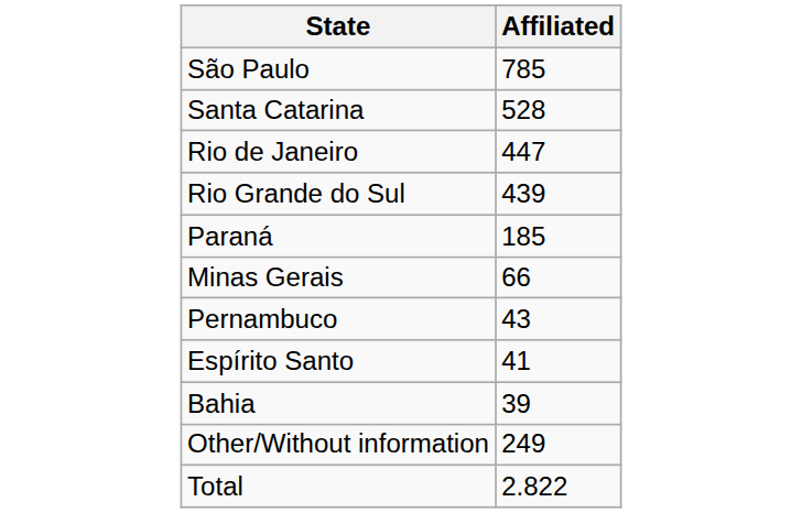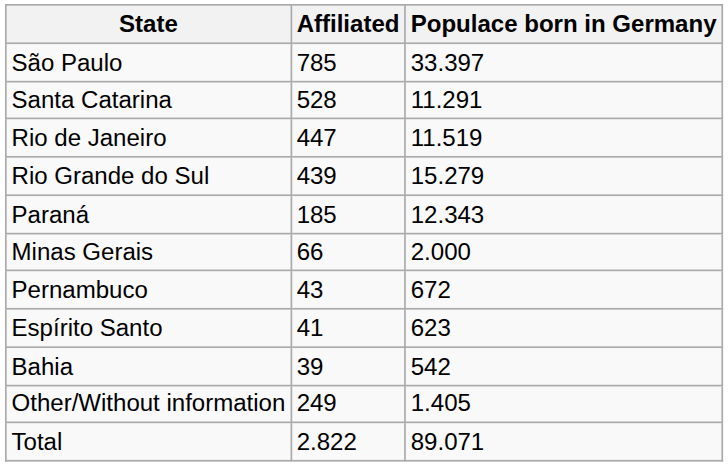 <table class="wikitable" style="margin:auto; border:1px #000; margin-center:5em; font-size:90%">
 <tr>
 <th>State</th>
 <th>Affiliated</th>
+<th>Populace born in Germany</th>
 </tr>
 <tr>
 <td>São Paulo</td>
 <td>785</td>
+<td>33.397</td>
 </tr>
 <tr>
 <td>Santa Catarina</td>
 <td>528</td>
+<td>11.291</td>
 </tr>
 <tr>
 <td>Rio de Janeiro</td>
 <td>447</td>
+<td>11.519</td>
 </tr>
 <tr>
 <td>Rio Grande do Sul</td>
 <td>439</td>
+<td>15.279</td>
 </tr>
 <tr>
 <td>Paraná</td>
 <td>185</td>
+<td>12.343</td>
 </tr>
 <tr>
 <td>Minas Gerais</td>
 <td>66</td>
+<td>2.000</td>
 </tr>
 <tr>
 <td>Pernambuco</td>
 <td>43</td>
+<td>672</td>
 </tr>
 <tr>
 <td>Espírito Santo</td>
 <td>41</td>
+<td>623</td>
 </tr>
 <tr>
 <td>Bahia</td>
 <td>39</td>
+<td>542</td>
 </tr>
 <tr>
 <td>Other/Without information</td>
 <td>249</td>
+<td>1.405</td>
 </tr>
 <tr>
 <td>Total</td>
 <td>2.822</td>
+<td>89.071</td>
 </tr>
 </table>
